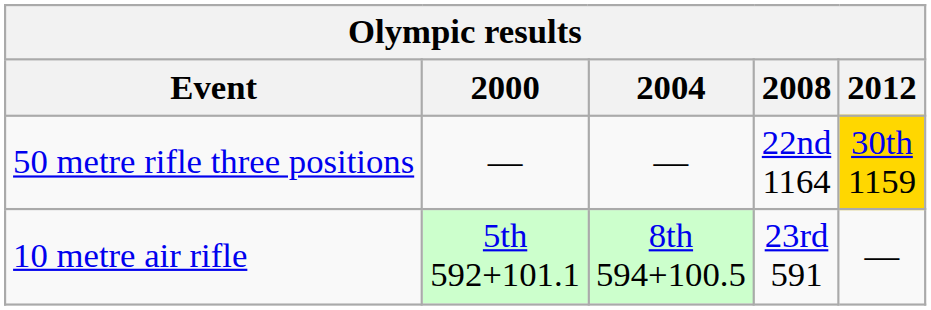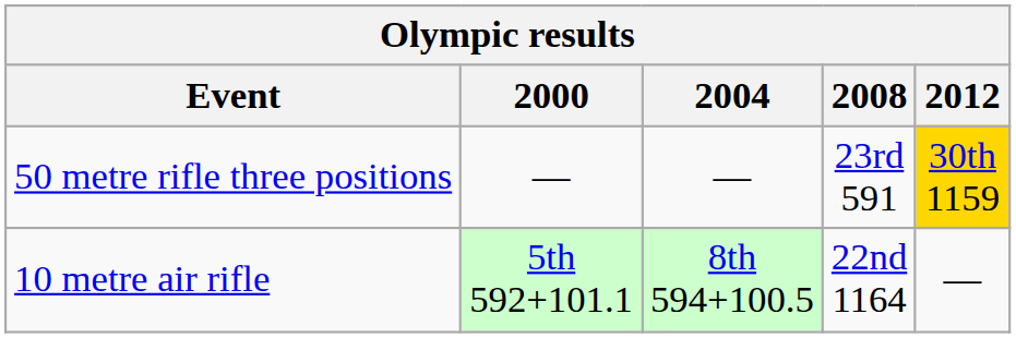 <table class="wikitable" style="text-align: center">
 <tr>
 <th colspan=5>Olympic results</th>
 </tr>
 <tr>
 <th>Event</th>
 <th>2000</th>
 <th>2004</th>
 <th>2008</th>
 <th>2012</th>
 </tr>
 <tr>
 <td align=left><a href='#'>50 metre rifle three positions</a></td>
 <td>—</td>
 <td>—</td>
-<td><a href='#'>22nd</a><br>1164</td>
+<td><a href='#'>23rd</a><br>591</td>
 <td style="background: gold;"><a href='#'>30th</a><br>1159</td>
 </tr>
 <tr>
 <td align=left><a href='#'>10 metre air rifle</a></td>
 <td style="background: #ccffcc"><a href='#'>5th</a><br>592+101.1</td>
 <td style="background: #ccffcc"><a href='#'>8th</a><br>594+100.5</td>
-<td><a href='#'>23rd</a><br>591</td>
+<td><a href='#'>22nd</a><br>1164</td>
 <td>—</td>
 </tr>
 </table>
